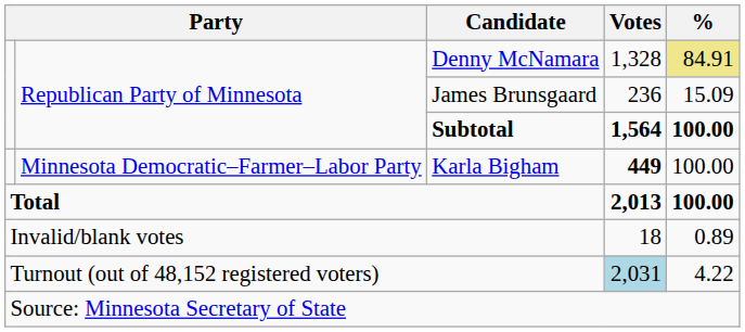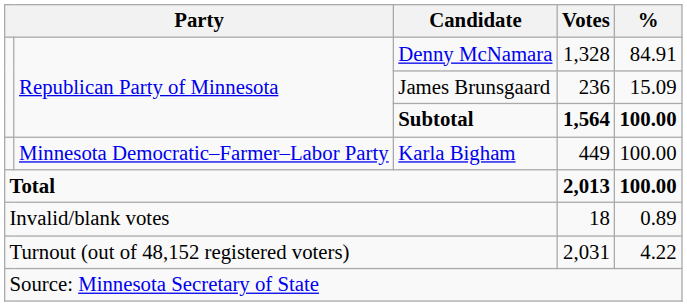 <table class="wikitable">
 <tr>
 <th colspan="2">Party</th>
 <th>Candidate</th>
 <th>Votes</th>
 <th>%</th>
 </tr>
 <tr>
 <td rowspan="3" style="background-color:"></td>
 <td rowspan="3"><a href='#'>Republican Party of Minnesota</a></td>
 <td><a href='#'>Denny McNamara</a></td>
 <td align="right">1,328</td>
-<td align="right" style="background: khaki;">84.91</td>
+<td align="right">84.91</td>
 </tr>
 <tr>
 <td>James Brunsgaard</td>
 <td align="right">236</td>
 <td align="right">15.09</td>
 </tr>
 <tr>
 <td><strong>Subtotal</strong></td>
 <td align="right"><strong>1,564</strong></td>
 <td align="right"><strong>100.00</strong></td>
 </tr>
 <tr>
 <td style="background-color:"></td>
 <td><a href='#'>Minnesota Democratic–Farmer–Labor Party</a></td>
 <td><a href='#'>Karla Bigham</a></td>
-<td align="right"><strong>449</strong></td>
+<td align="right">449</td>
 <td align="right">100.00</td>
 </tr>
 <tr>
 <td colspan="3"><strong>Total</strong></td>
 <td align="right"><strong>2,013</strong></td>
 <td align="right"><strong>100.00</strong></td>
 </tr>
 <tr>
 <td colspan="3">Invalid/blank votes</td>
 <td align="right">18</td>
 <td align="right">0.89</td>
 </tr>
 <tr>
 <td colspan="3">Turnout (out of 48,152 registered voters)</td>
-<td align="right" style="background: lightblue;">2,031</td>
+<td align="right">2,031</td>
 <td align="right">4.22</td>
 </tr>
 <tr>
 <td colspan="5">Source: <a href='#'>Minnesota Secretary of State</a></td>
 </tr>
 </table>
